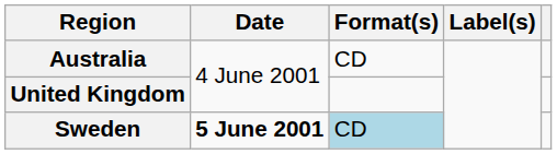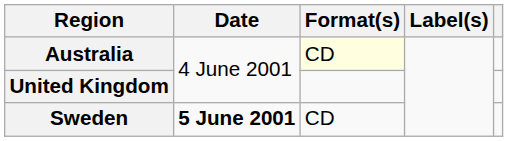 <table class="wikitable plainrowheaders">
 <tr>
 <th scope="col">Region</th>
 <th scope="col">Date</th>
 <th scope="col">Format(s)</th>
 <th scope="col">Label(s)</th>
 <th scope="col"></th>
 </tr>
 <tr>
 <th scope="row">Australia</th>
 <td rowspan="2">4 June 2001</td>
-<td>CD</td>
+<td style="background: lightyellow;">CD</td>
 <td rowspan="3"></td>
 <td align="center"></td>
 </tr>
 <tr>
 <th scope="row">United Kingdom</th>
 <td></td>
 <td align="center"></td>
 </tr>
 <tr>
 <th scope="row">Sweden</th>
 <td><strong>5 June 2001</strong></td>
-<td style="background: lightblue;">CD</td>
+<td>CD</td>
 <td align="center"></td>
 </tr>
 </table>
